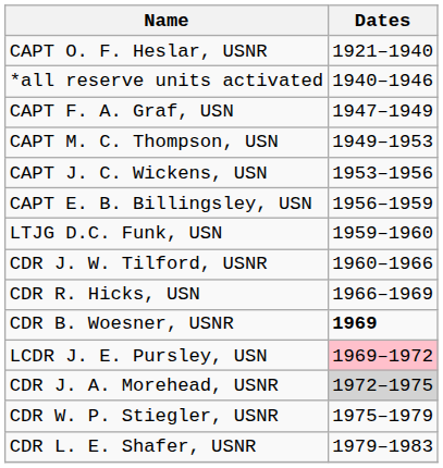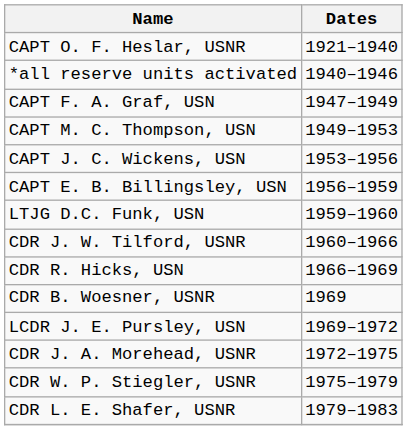 <table ALIGN=LEFT class="wikitable">
 <tr>
 <th><strong>Name</strong></th>
 <th><strong>Dates</strong></th>
 </tr>
 <tr>
 <td>CAPT O. F. Heslar, USNR</td>
 <td>1921–1940</td>
 </tr>
 <tr>
 <td>*all reserve units activated</td>
 <td>1940–1946</td>
 </tr>
 <tr>
 <td>CAPT F. A. Graf, USN</td>
 <td>1947–1949</td>
 </tr>
 <tr>
 <td>CAPT M. C. Thompson, USN</td>
 <td>1949–1953</td>
 </tr>
 <tr>
 <td>CAPT J. C. Wickens, USN</td>
 <td>1953–1956</td>
 </tr>
 <tr>
 <td>CAPT E. B. Billingsley, USN</td>
 <td>1956–1959</td>
 </tr>
 <tr>
 <td>LTJG D.C. Funk, USN</td>
 <td>1959–1960</td>
 </tr>
 <tr>
 <td>CDR J. W. Tilford, USNR</td>
 <td>1960–1966</td>
 </tr>
 <tr>
 <td>CDR R. Hicks, USN</td>
 <td>1966–1969</td>
 </tr>
 <tr>
 <td>CDR B. Woesner, USNR</td>
-<td><strong>1969</strong></td>
+<td>1969</td>
 </tr>
 <tr>
 <td>LCDR J. E. Pursley, USN</td>
-<td style="background: pink;">1969–1972</td>
+<td>1969–1972</td>
 </tr>
 <tr>
 <td>CDR J. A. Morehead, USNR</td>
-<td style="background: lightgrey;">1972–1975</td>
+<td>1972–1975</td>
 </tr>
 <tr>
 <td>CDR W. P. Stiegler, USNR</td>
 <td>1975–1979</td>
 </tr>
 <tr>
 <td>CDR L. E. Shafer, USNR</td>
 <td>1979–1983</td>
 </tr>
 <tr>
 </tr>
 </table>
